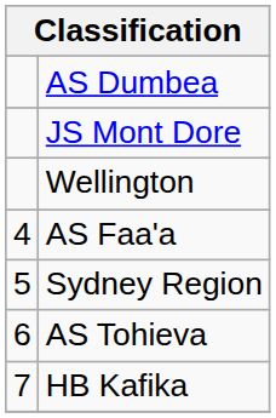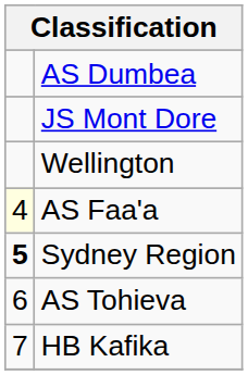 <table class="wikitable" font-size: 90%;>
 <tr>
 <th colspan=2>Classification</th>
 </tr>
 <tr valign="top">
 <td></td>
 <td> <a href='#'>AS Dumbea</a></td>
 </tr>
 <tr>
 <td></td>
 <td> <a href='#'>JS Mont Dore</a></td>
 </tr>
 <tr>
 <td></td>
 <td> Wellington</td>
 </tr>
 <tr>
-<td>4</td>
+<td style="background: lightyellow;">4</td>
 <td> AS Faa'a</td>
 </tr>
 <tr>
-<td>5</td>
+<td><strong>5</strong></td>
 <td> Sydney Region</td>
 </tr>
 <tr>
 <td>6</td>
 <td> AS Tohieva</td>
 </tr>
 <tr>
 <td>7</td>
 <td> HB Kafika</td>
 </tr>
 <tr>
 </tr>
 </table>
